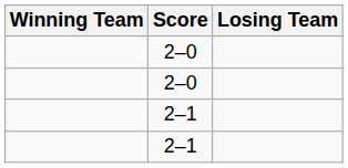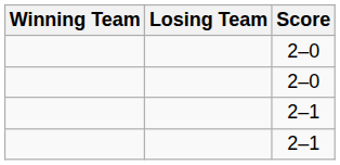 <table class=wikitable style="border:1px solid #AAAAAA;">
 <tr>
 <th>Winning Team</th>
+<th>Losing Team</th>
 <th>Score</th>
-<th>Losing Team</th>
 </tr>
 <tr>
 <td><strong></strong></td>
+<td></td>
 <td align="center">2–0</td>
-<td></td>
 </tr>
 <tr>
 <td><strong></strong></td>
+<td></td>
 <td align="center">2–0</td>
-<td></td>
 </tr>
 <tr>
 <td><strong></strong></td>
+<td></td>
 <td align="center">2–1</td>
-<td></td>
 </tr>
 <tr>
 <td><strong></strong></td>
+<td></td>
 <td align="center">2–1</td>
-<td></td>
 </tr>
 </table>
